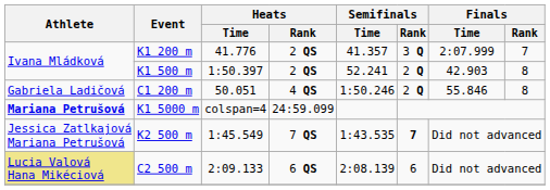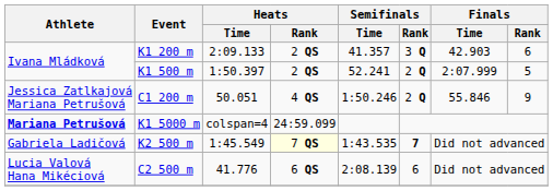 <table class="wikitable" style="font-size:90%">
 <tr>
 <th rowspan="2">Athlete</th>
 <th rowspan="2">Event</th>
 <th colspan=2>Heats</th>
 <th colspan=2>Semifinals</th>
 <th colspan=2>Finals</th>
 </tr>
 <tr style="font-size:95%">
 <th>Time</th>
 <th>Rank</th>
 <th>Time</th>
 <th>Rank</th>
 <th>Time</th>
 <th>Rank</th>
 </tr>
 <tr align=center>
 <td align=left rowspan="2"><a href='#'>Ivana Mládková</a></td>
 <td align=left><a href='#'>K1 200 m</a></td>
-<td>41.776</td>
+<td>2:09.133</td>
 <td>2 <strong>QS</strong></td>
 <td>41.357</td>
 <td>3 <strong>Q</strong></td>
-<td>2:07.999</td>
-<td>7</td>
+<td>42.903</td>
+<td>6</td>
 </tr>
 <tr align=center>
 <td align=left><a href='#'>K1 500 m</a></td>
 <td>1:50.397</td>
 <td>2 <strong>QS</strong></td>
 <td>52.241</td>
 <td>2 <strong>Q</strong></td>
-<td>42.903</td>
-<td>8</td>
+<td>2:07.999</td>
+<td>5</td>
 </tr>
 <tr align=center>
-<td align=left><a href='#'>Gabriela Ladičová</a></td>
+<td align=left><a href='#'>Jessica Zatlkajová</a><br><a href='#'>Mariana Petrušová</a></td>
 <td align=left><a href='#'>C1 200 m</a></td>
 <td>50.051</td>
 <td>4 <strong>QS</strong></td>
 <td>1:50.246</td>
 <td>2 <strong>Q</strong></td>
 <td>55.846</td>
-<td>8</td>
+<td>9</td>
 </tr>
 <tr align=center>
 <td align=left><strong><a href='#'>Mariana Petrušová</a></strong></td>
 <td align=left><a href='#'>K1 5000 m</a></td>
 <td>colspan=4 </td>
 <td>24:59.099</td>
 <td></td>
 </tr>
 <tr align=center>
-<td align=left><a href='#'>Jessica Zatlkajová</a><br><a href='#'>Mariana Petrušová</a></td>
+<td align=left><a href='#'>Gabriela Ladičová</a></td>
 <td align=left><a href='#'>K2 500 m</a></td>
 <td>1:45.549</td>
-<td>7 <strong>QS</strong></td>
+<td style="background: lightyellow;">7 <strong>QS</strong></td>
 <td>1:43.535</td>
 <td><strong>7</strong></td>
 <td colspan=2>Did not advanced</td>
 </tr>
 <tr align=center>
-<td align=left style="background: khaki;"><a href='#'>Lucia Valová</a><br><a href='#'>Hana Mikéciová</a></td>
+<td align=left><a href='#'>Lucia Valová</a><br><a href='#'>Hana Mikéciová</a></td>
 <td align=left><a href='#'>C2 500 m</a></td>
-<td>2:09.133</td>
+<td>41.776</td>
 <td>6 <strong>QS</strong></td>
 <td>2:08.139</td>
 <td>6</td>
 <td colspan=2>Did not advanced</td>
 </tr>
 <tr align=center>
 </tr>
 </table>
